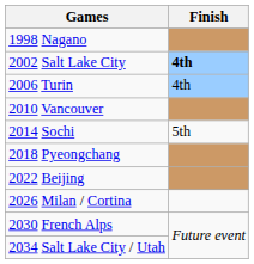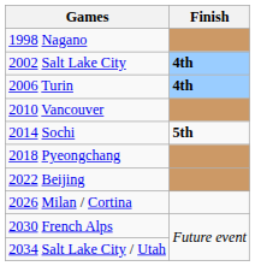 <table class="wikitable sortable">
 <tr>
 <th>Games</th>
 <th>Finish</th>
 </tr>
 <tr>
 <td> <a href='#'>1998</a> <a href='#'>Nagano</a></td>
 <td style="background:#c96;"></td>
 </tr>
 <tr>
 <td> <a href='#'>2002</a> <a href='#'>Salt Lake City</a></td>
 <td style="background:#9acdff;"><strong>4th</strong></td>
 </tr>
 <tr>
 <td> <a href='#'>2006</a> <a href='#'>Turin</a></td>
-<td style="background:#9acdff;">4th</td>
+<td style="background:#9acdff;"><strong>4th</strong></td>
 </tr>
 <tr>
 <td> <a href='#'>2010</a> <a href='#'>Vancouver</a></td>
 <td style="background:#c96;"></td>
 </tr>
 <tr>
 <td> <a href='#'>2014</a> <a href='#'>Sochi</a></td>
-<td>5th</td>
+<td><strong>5th</strong></td>
 </tr>
 <tr>
 <td> <a href='#'>2018</a> <a href='#'>Pyeongchang</a></td>
 <td style="background:#c96;"></td>
 </tr>
 <tr>
 <td> <a href='#'>2022</a> <a href='#'>Beijing</a></td>
 <td style="background:#c96;"></td>
 </tr>
 <tr>
 <td> <a href='#'>2026</a> <a href='#'>Milan</a> / <a href='#'>Cortina</a></td>
 <td></td>
 </tr>
 <tr>
 <td> <a href='#'>2030</a> <a href='#'>French Alps</a></td>
 <td colspan=10 rowspan=2 align=center><em>Future event</em></td>
 </tr>
 <tr>
 <td> <a href='#'>2034</a> <a href='#'>Salt Lake City</a> / <a href='#'>Utah</a></td>
 </tr>
 </table>
